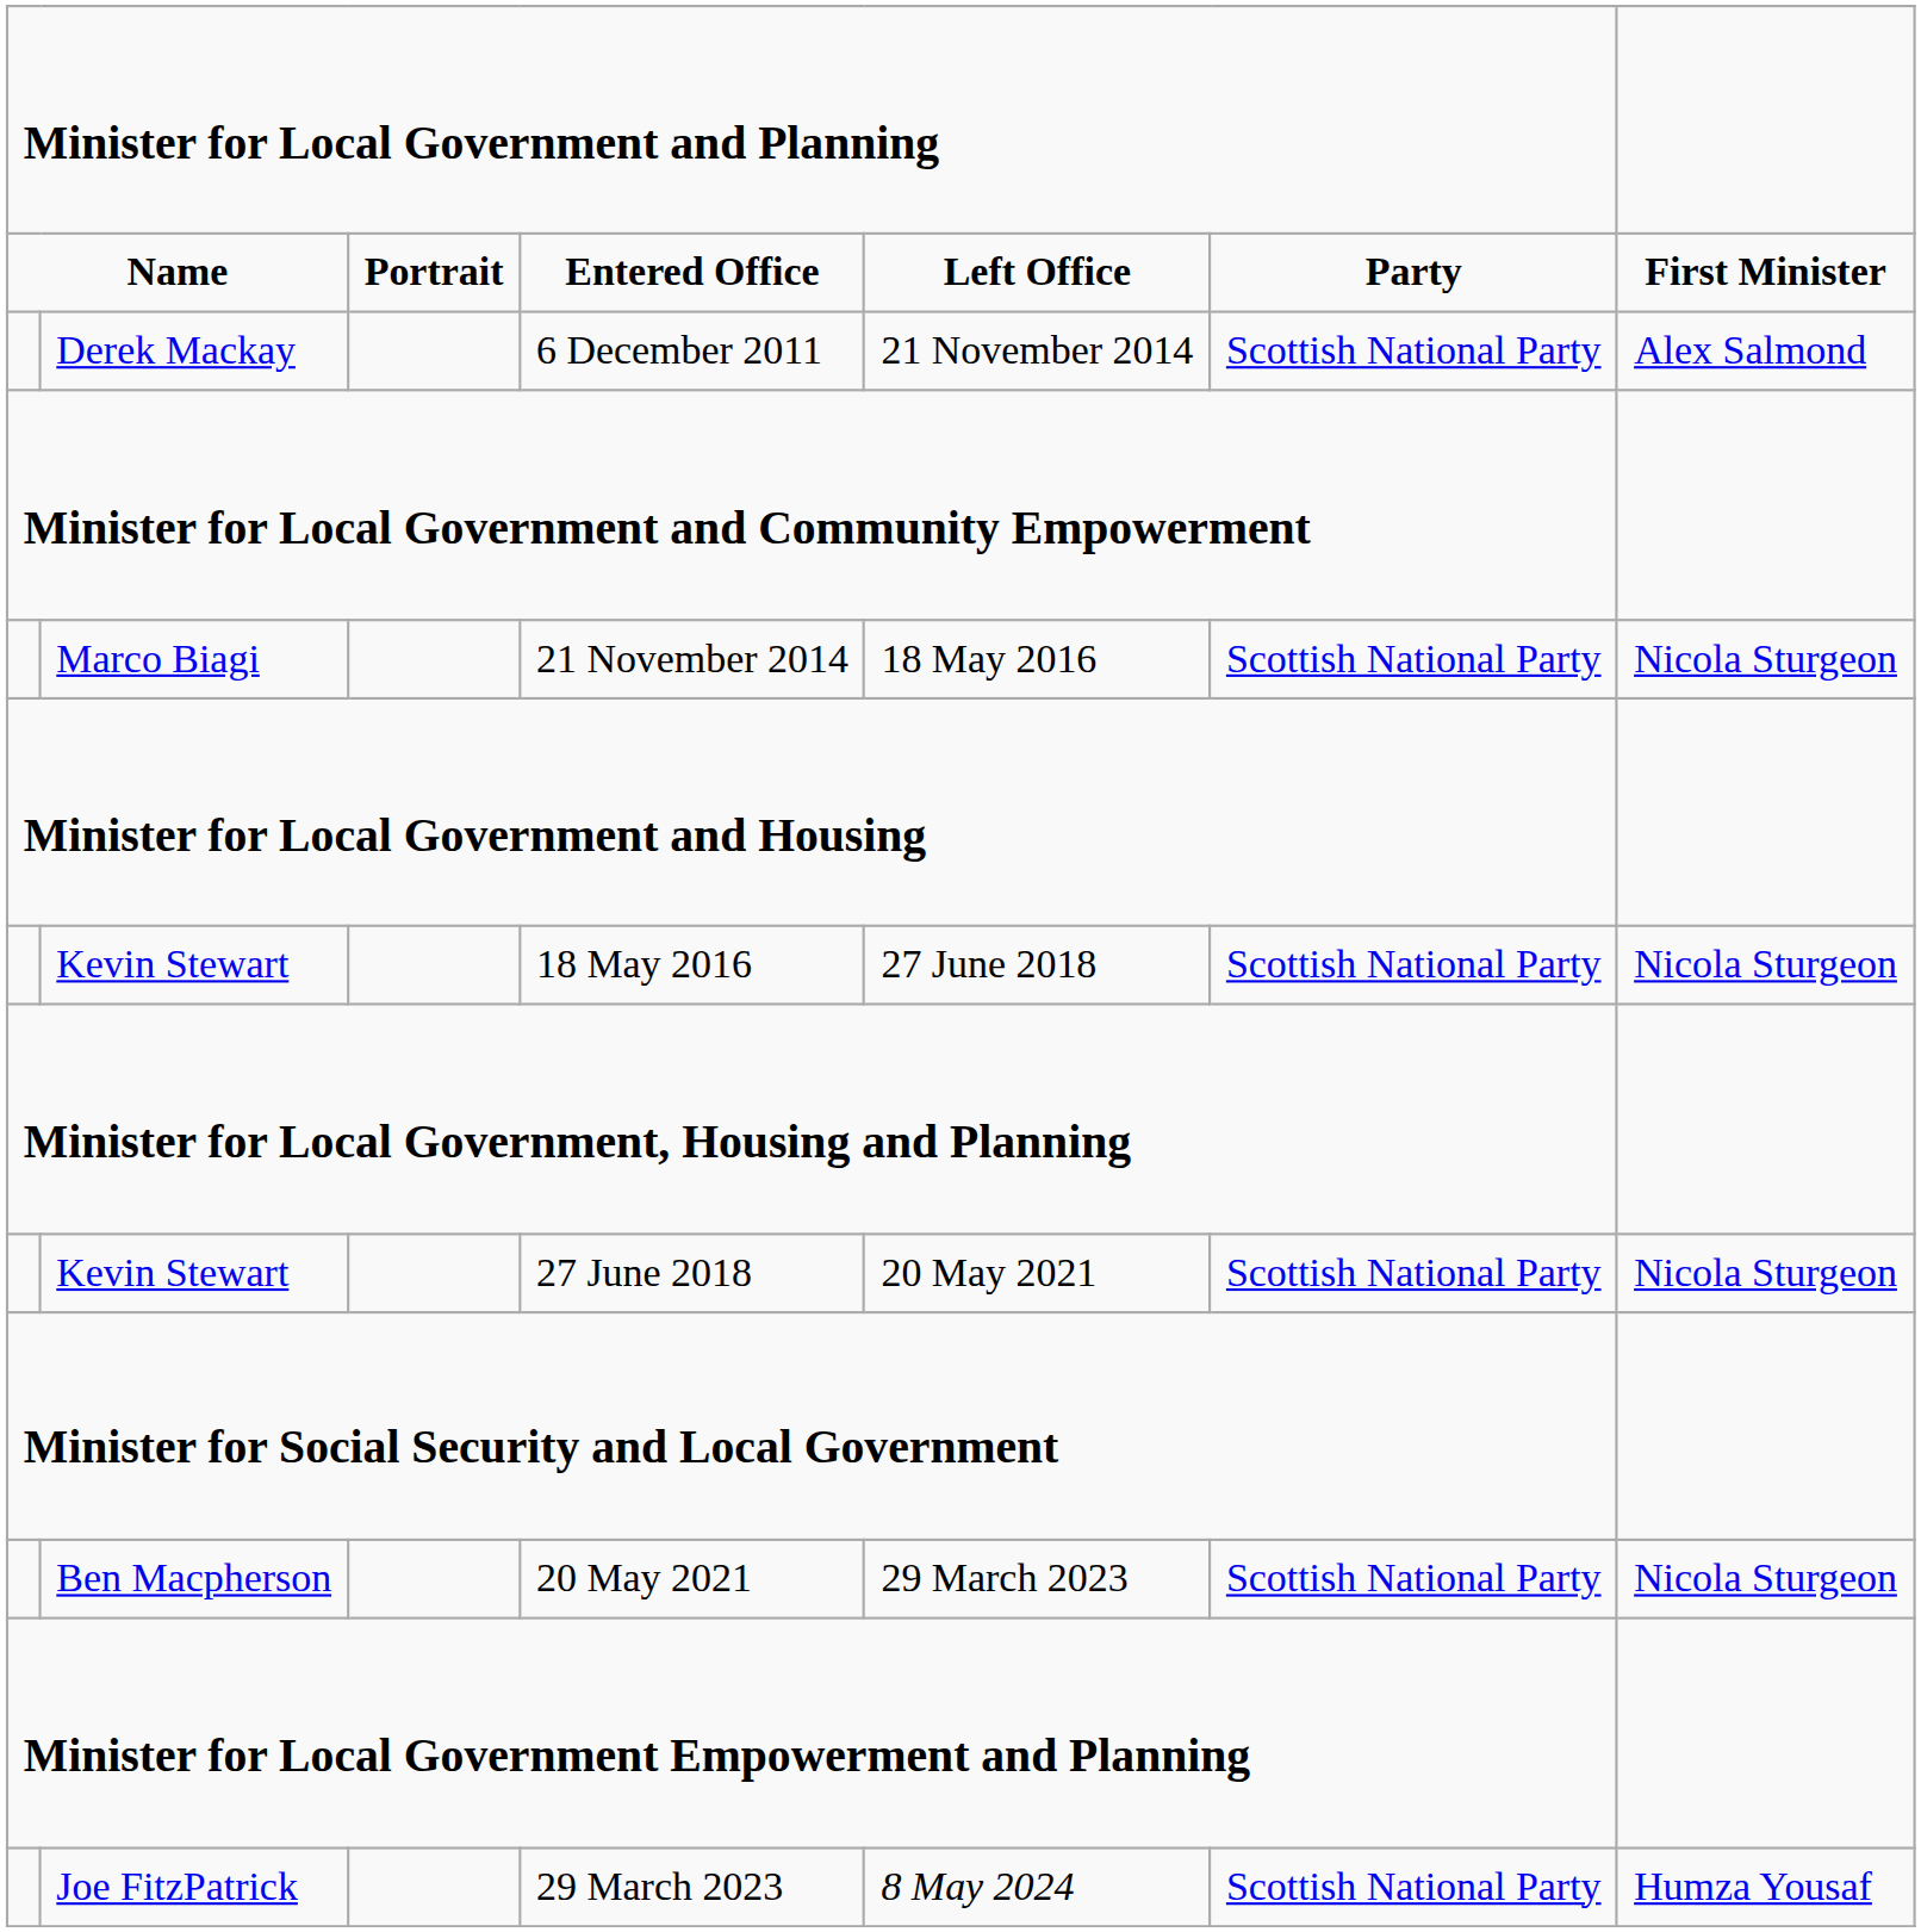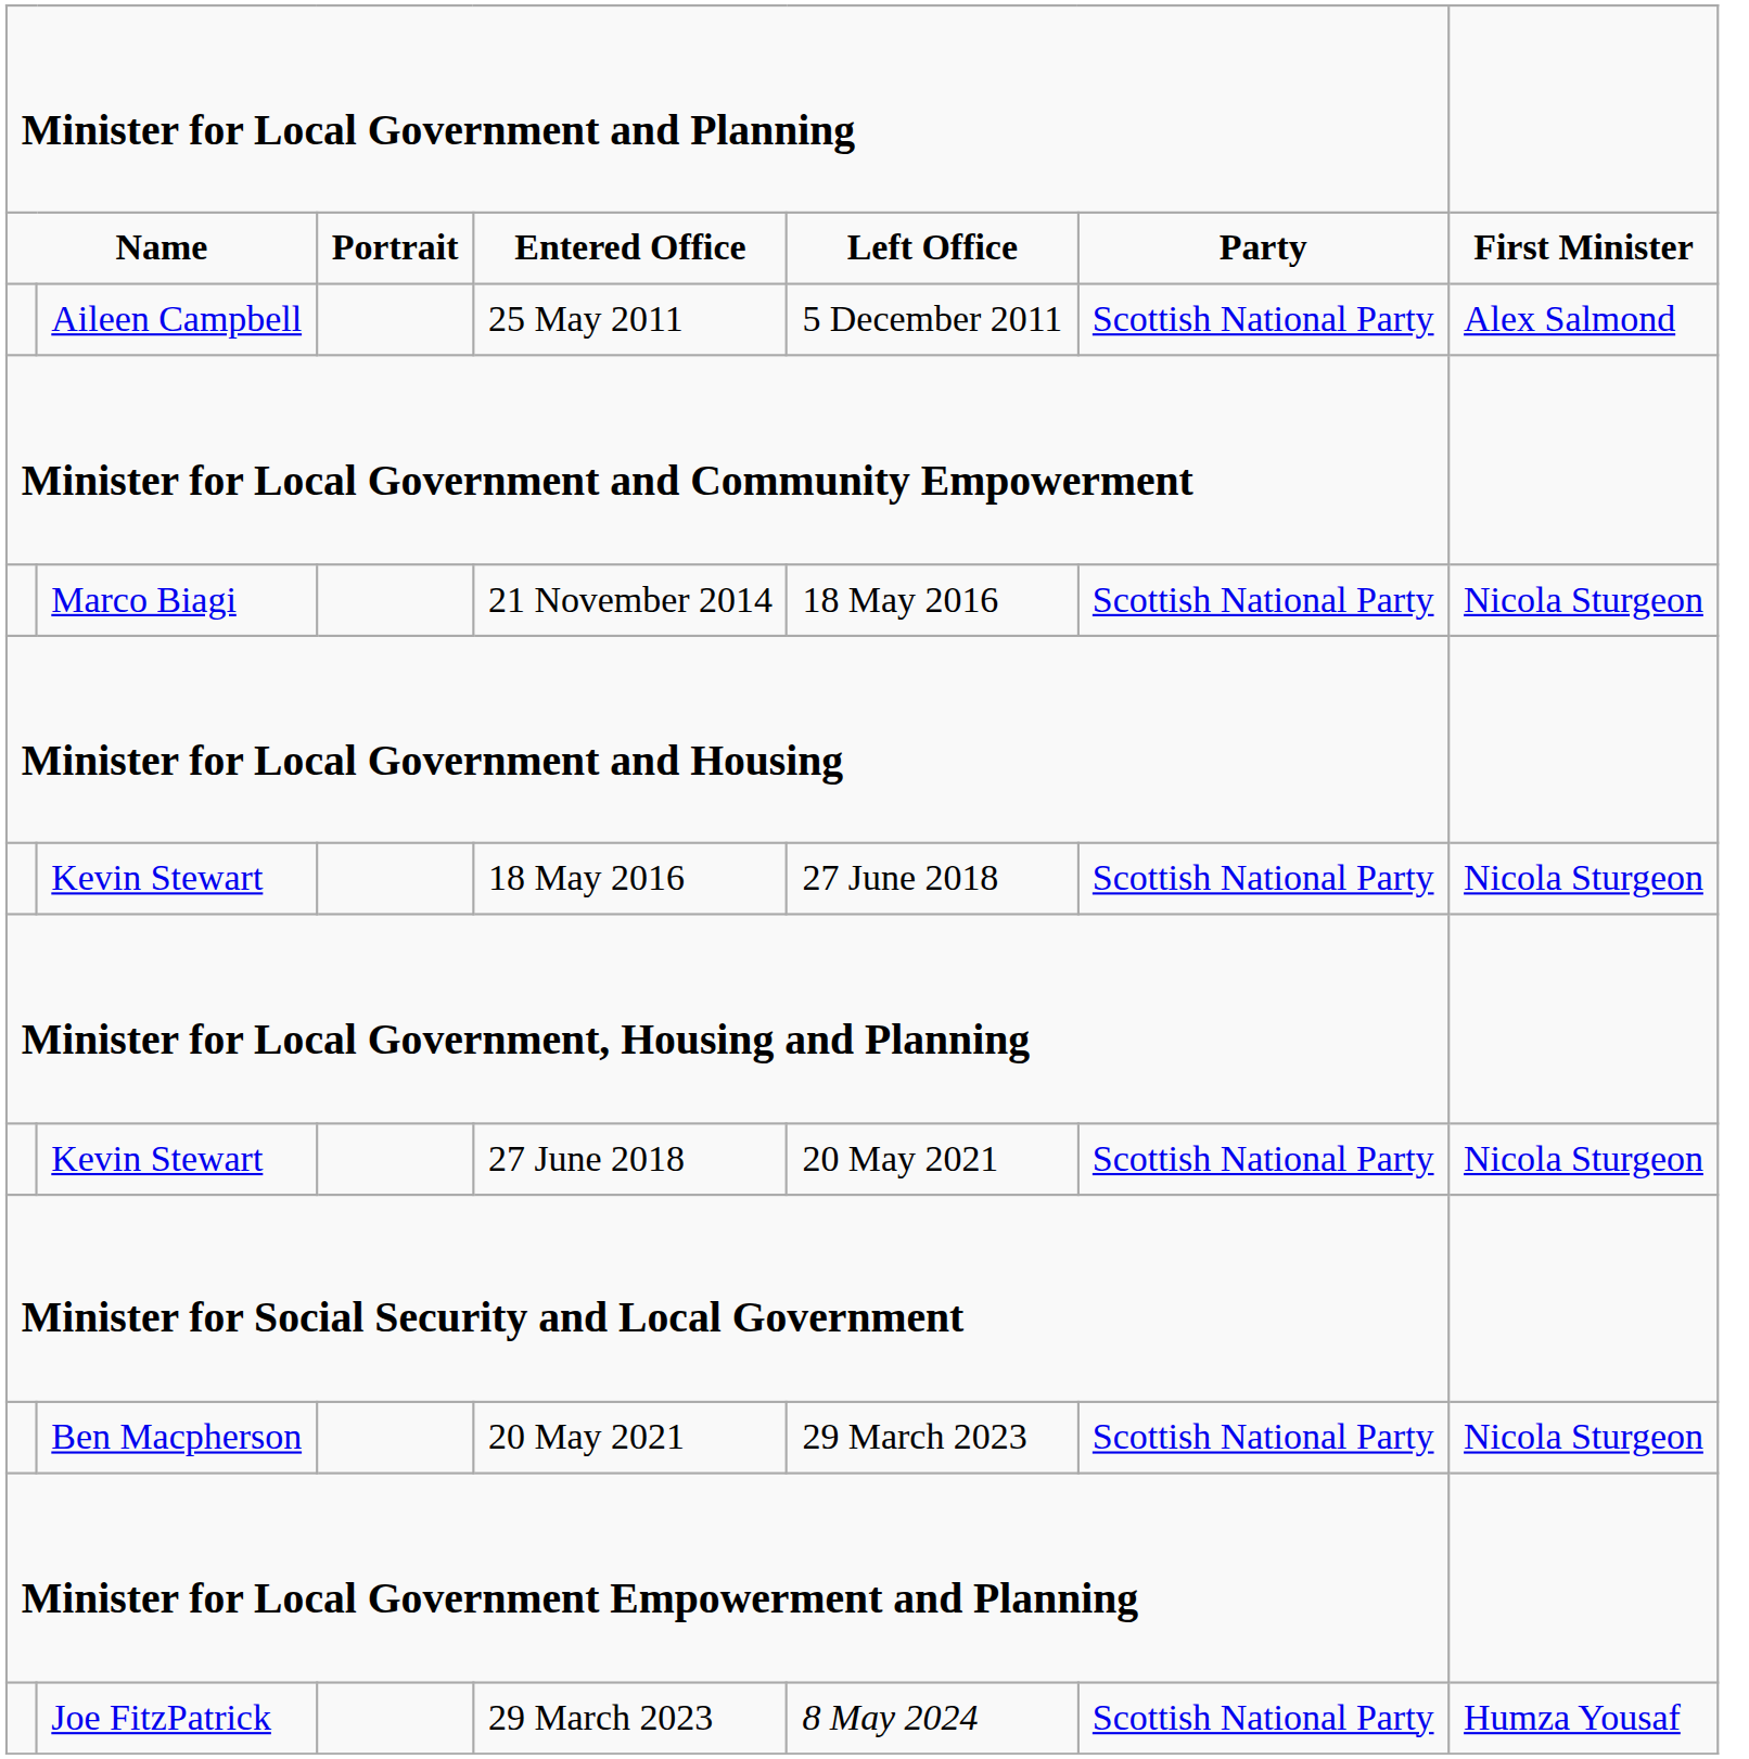 <table border="1" cellpadding="6" cellspacing="0" style="margin: 0 0 0 1em; background: #f9f9f9; border: 1px #aaaaaa solid; border-collapse: collapse; ">
 <tr>
 <td colspan="6"><br><h3>Minister for Local Government and Planning</h3></td>
 </tr>
 <tr>
 <th colspan="2">Name</th>
 <th>Portrait</th>
 <th>Entered Office</th>
 <th>Left Office</th>
 <th>Party</th>
 <th>First Minister</th>
 </tr>
 <tr>
 <td></td>
-<td><a href='#'>Derek Mackay</a></td>
+<td><a href='#'>Aileen Campbell</a></td>
 <td></td>
-<td>6 December 2011</td>
-<td>21 November 2014</td>
+<td>25 May 2011</td>
+<td>5 December 2011</td>
 <td><a href='#'>Scottish National Party</a></td>
 <td><a href='#'>Alex Salmond</a></td>
 </tr>
 <tr>
 <td colspan="6"><br><h3>Minister for Local Government and Community Empowerment</h3></td>
 </tr>
 <tr>
 <td></td>
 <td><a href='#'>Marco Biagi</a></td>
 <td></td>
 <td>21 November 2014</td>
 <td>18 May 2016</td>
 <td><a href='#'>Scottish National Party</a></td>
 <td><a href='#'>Nicola Sturgeon</a></td>
 </tr>
 <tr>
 <td colspan="6"><br><h3>Minister for Local Government and Housing</h3></td>
 </tr>
 <tr>
 <td></td>
 <td><a href='#'>Kevin Stewart</a></td>
 <td></td>
 <td>18 May 2016</td>
 <td>27 June 2018</td>
 <td><a href='#'>Scottish National Party</a></td>
 <td><a href='#'>Nicola Sturgeon</a></td>
 </tr>
 <tr>
 <td colspan="6"><br><h3>Minister for Local Government, Housing and Planning</h3></td>
 </tr>
 <tr>
 <td></td>
 <td><a href='#'>Kevin Stewart</a></td>
 <td></td>
 <td>27 June 2018</td>
 <td>20 May 2021</td>
 <td><a href='#'>Scottish National Party</a></td>
 <td><a href='#'>Nicola Sturgeon</a></td>
 </tr>
 <tr>
 <td colspan="6"><br><h3>Minister for Social Security and Local Government</h3></td>
 </tr>
 <tr>
 <td></td>
 <td><a href='#'>Ben Macpherson</a></td>
 <td></td>
 <td>20 May 2021</td>
 <td>29 March 2023</td>
 <td><a href='#'>Scottish National Party</a></td>
 <td><a href='#'>Nicola Sturgeon</a></td>
 </tr>
 <tr>
 <td colspan="6"><br><h3>Minister for Local Government Empowerment and Planning</h3></td>
 </tr>
 <tr>
 <td></td>
 <td><a href='#'>Joe FitzPatrick</a></td>
 <td></td>
 <td>29 March 2023</td>
 <td><em>8 May 2024</em></td>
 <td><a href='#'>Scottish National Party</a></td>
 <td><a href='#'>Humza Yousaf</a></td>
 </tr>
 </table>
